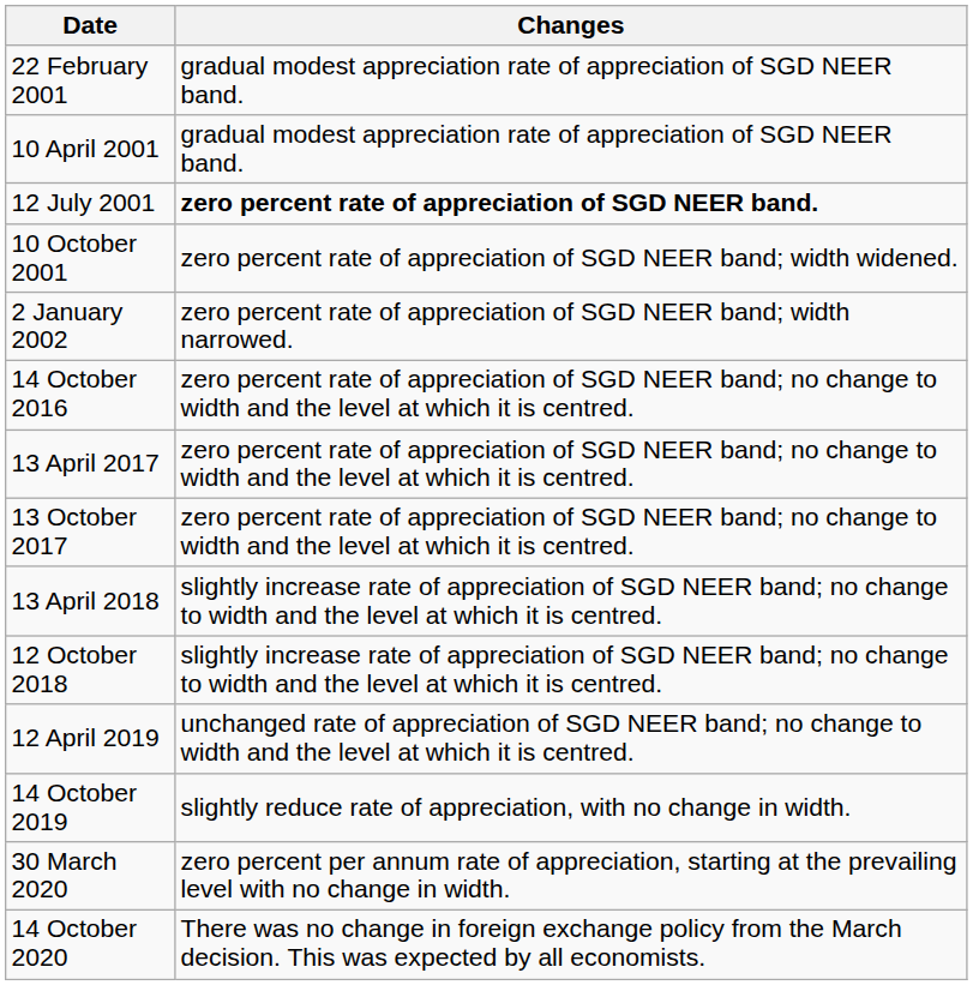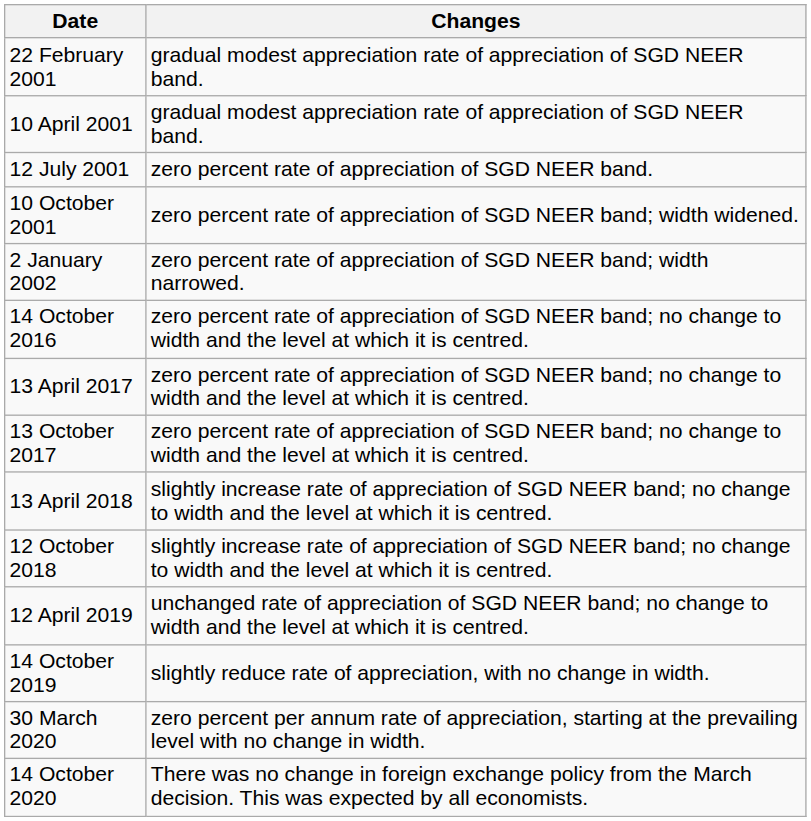 <table class="wikitable">
 <tr>
 <th>Date</th>
 <th>Changes</th>
 </tr>
 <tr>
 <td>22 February 2001</td>
 <td>gradual modest appreciation rate of appreciation of SGD NEER band.</td>
 </tr>
 <tr>
 <td>10 April 2001</td>
 <td>gradual modest appreciation rate of appreciation of SGD NEER band.</td>
 </tr>
 <tr>
 <td>12 July 2001</td>
-<td><strong>zero percent rate of appreciation of SGD NEER band.</strong></td>
+<td>zero percent rate of appreciation of SGD NEER band.</td>
 </tr>
 <tr>
 <td>10 October 2001</td>
 <td>zero percent rate of appreciation of SGD NEER band; width widened.</td>
 </tr>
 <tr>
 <td>2 January 2002</td>
 <td>zero percent rate of appreciation of SGD NEER band; width narrowed.</td>
 </tr>
 <tr>
 <td>14 October 2016</td>
 <td>zero percent rate of appreciation of SGD NEER band; no change to width and the level at which it is centred.</td>
 </tr>
 <tr>
 <td>13 April 2017</td>
 <td>zero percent rate of appreciation of SGD NEER band; no change to width and the level at which it is centred.</td>
 </tr>
 <tr>
 <td>13 October 2017</td>
 <td>zero percent rate of appreciation of SGD NEER band; no change to width and the level at which it is centred.</td>
 </tr>
 <tr>
 <td>13 April 2018</td>
 <td>slightly increase rate of appreciation of SGD NEER band; no change to width and the level at which it is centred.</td>
 </tr>
 <tr>
 <td>12 October 2018</td>
 <td>slightly increase rate of appreciation of SGD NEER band; no change to width and the level at which it is centred.</td>
 </tr>
 <tr>
 <td>12 April 2019</td>
 <td>unchanged rate of appreciation of SGD NEER band; no change to width and the level at which it is centred.</td>
 </tr>
 <tr>
 <td>14 October 2019</td>
 <td>slightly reduce rate of appreciation, with no change in width.</td>
 </tr>
 <tr>
 <td>30 March 2020</td>
 <td>zero percent per annum rate of appreciation, starting at the prevailing level with no change in width.</td>
 </tr>
 <tr>
 <td>14 October 2020</td>
 <td>There was no change in foreign exchange policy from the March decision. This was expected by all economists.</td>
 </tr>
 </table>
